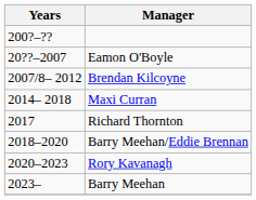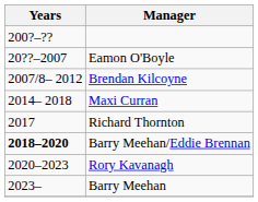 <table class="wikitable">
 <tr>
 <th>Years</th>
 <th>Manager</th>
 </tr>
 <tr>
 <td>200?–??</td>
 <td></td>
 </tr>
 <tr>
 <td> 20??–2007</td>
 <td>Eamon O'Boyle</td>
 </tr>
 <tr>
 <td>2007/8– 2012</td>
 <td><a href='#'>Brendan Kilcoyne</a></td>
 </tr>
 <tr>
 <td> 2014– 2018</td>
 <td><a href='#'>Maxi Curran</a></td>
 </tr>
 <tr>
 <td> 2017</td>
 <td>Richard Thornton</td>
 </tr>
 <tr>
-<td>2018–2020</td>
+<td><strong>2018–2020</strong></td>
 <td>Barry Meehan/<a href='#'>Eddie Brennan</a></td>
 </tr>
 <tr>
 <td>2020–2023</td>
 <td><a href='#'>Rory Kavanagh</a></td>
 </tr>
 <tr>
 <td>2023–</td>
 <td>Barry Meehan</td>
 </tr>
 <tr>
 </tr>
 </table>
